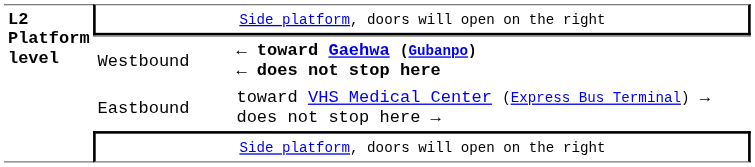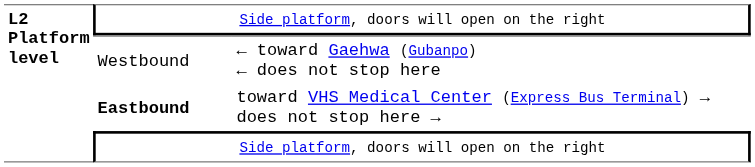 <table table border=0 cellspacing=0 cellpadding=3>
 <tr>
 <td style="border-top:solid 1px gray;border-bottom:solid 1px gray;" width=50 rowspan=10 valign=top><strong>L2<br>Platform level</strong></td>
 <td style="border-top:solid 1px gray;border-right:solid 2px black;border-left:solid 2px black;border-bottom:solid 2px black;text-align:center;" colspan=2><small><a href='#'>Side platform</a>, doors will open on the right </small></td>
 </tr>
 <tr>
 <td style="border-bottom:solid 0px gray;border-top:solid 1px gray;" width=100>Westbound</td>
-<td style="border-bottom:solid 0px gray;border-top:solid 1px gray;" width=390><strong>←  toward <a href='#'>Gaehwa</a> <small>(<a href='#'>Gubanpo</a>)</small><br>← <span> does not stop here</span></strong></td>
+<td style="border-bottom:solid 0px gray;border-top:solid 1px gray;" width=390>←  toward <a href='#'>Gaehwa</a> <small>(<a href='#'>Gubanpo</a>)</small><br>← <span> does not stop here</span></td>
 </tr>
 <tr>
-<td>Eastbound</td>
+<td><strong>Eastbound</strong></td>
 <td>  toward <a href='#'>VHS Medical Center</a> <small>(<a href='#'>Express Bus Terminal</a>)</small> →<br>  does not stop here →</td>
 </tr>
 <tr>
 <td style="border-top:solid 2px black;border-right:solid 2px black;border-left:solid 2px black;border-bottom:solid 1px gray;text-align:center;" colspan=2><small><a href='#'>Side platform</a>, doors will open on the right </small></td>
 </tr>
 </table>
